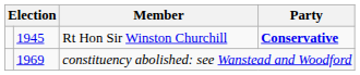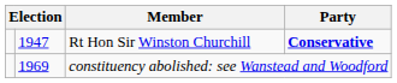 <table class="wikitable">
 <tr>
 <th colspan=2>Election</th>
 <th>Member</th>
 <th>Party</th>
 </tr>
 <tr>
 <td style="color:inherit;background-color: "></td>
-<td><a href='#'>1945</a></td>
+<td><a href='#'>1947</a></td>
 <td>Rt Hon Sir <a href='#'>Winston Churchill</a></td>
 <td><strong><a href='#'>Conservative</a></strong></td>
 </tr>
 <tr>
 <td></td>
 <td><a href='#'>1969</a></td>
 <td colspan="2"><em>constituency abolished: see <a href='#'>Wanstead and Woodford</a></em></td>
 </tr>
 </table>
